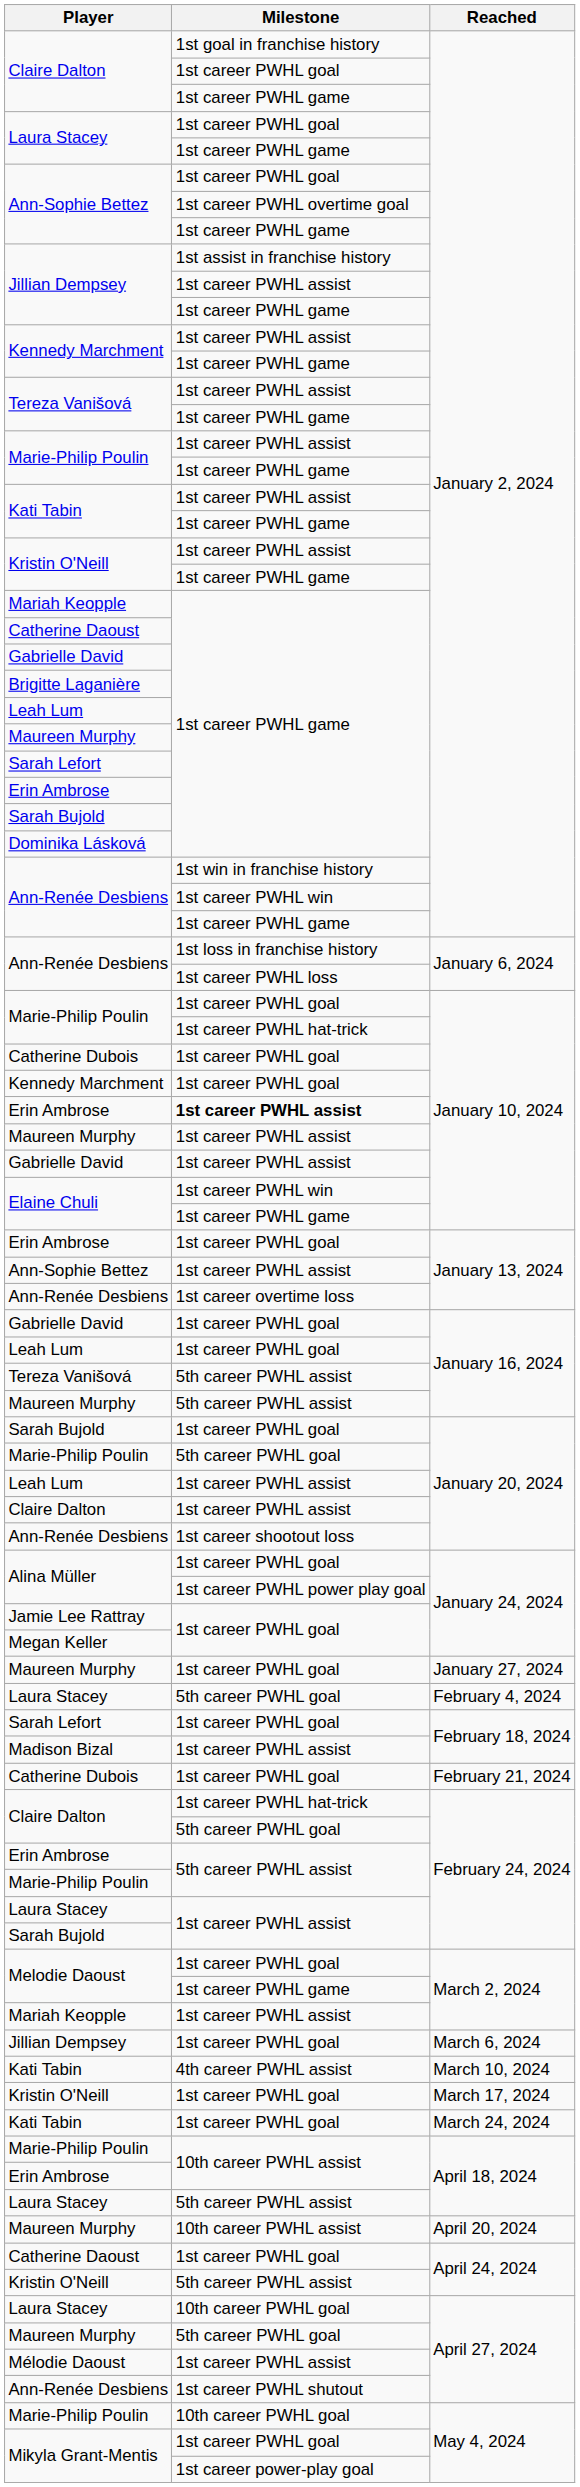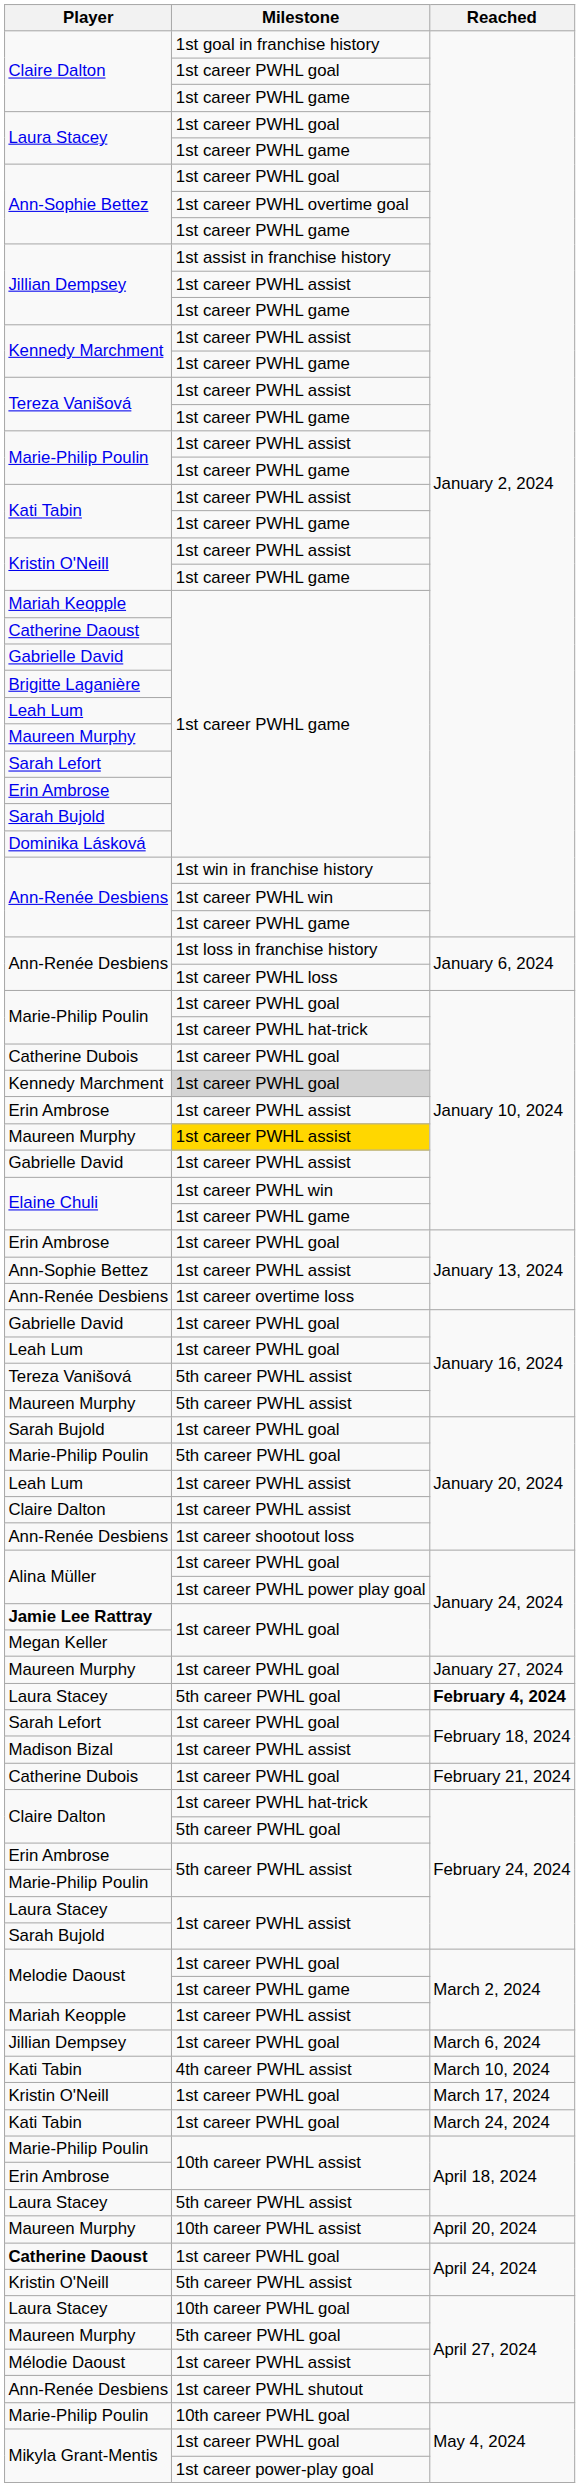 <table class="wikitable">
 <tr>
 <th>Player</th>
 <th>Milestone</th>
 <th>Reached</th>
 </tr>
 <tr>
 <td rowspan=3><a href='#'>Claire Dalton</a></td>
 <td>1st goal in franchise history</td>
 <td rowspan=34>January 2, 2024</td>
 </tr>
 <tr>
 <td>1st career PWHL goal</td>
 </tr>
 <tr>
 <td>1st career PWHL game</td>
 </tr>
 <tr>
 <td rowspan=2><a href='#'>Laura Stacey</a></td>
 <td>1st career PWHL goal</td>
 </tr>
 <tr>
 <td>1st career PWHL game</td>
 </tr>
 <tr>
 <td rowspan=3><a href='#'>Ann-Sophie Bettez</a></td>
 <td>1st career PWHL goal</td>
 </tr>
 <tr>
 <td>1st career PWHL overtime goal</td>
 </tr>
 <tr>
 <td>1st career PWHL game</td>
 </tr>
 <tr>
 <td rowspan=3><a href='#'>Jillian Dempsey</a></td>
 <td>1st assist in franchise history</td>
 </tr>
 <tr>
 <td>1st career PWHL assist</td>
 </tr>
 <tr>
 <td>1st career PWHL game</td>
 </tr>
 <tr>
 <td rowspan=2><a href='#'>Kennedy Marchment</a></td>
 <td>1st career PWHL assist</td>
 </tr>
 <tr>
 <td>1st career PWHL game</td>
 </tr>
 <tr>
 <td rowspan=2><a href='#'>Tereza Vanišová</a></td>
 <td>1st career PWHL assist</td>
 </tr>
 <tr>
 <td>1st career PWHL game</td>
 </tr>
 <tr>
 <td rowspan=2><a href='#'>Marie-Philip Poulin</a></td>
 <td>1st career PWHL assist</td>
 </tr>
 <tr>
 <td>1st career PWHL game</td>
 </tr>
 <tr>
 <td rowspan=2><a href='#'>Kati Tabin</a></td>
 <td>1st career PWHL assist</td>
 </tr>
 <tr>
 <td>1st career PWHL game</td>
 </tr>
 <tr>
 <td rowspan=2><a href='#'>Kristin O'Neill</a></td>
 <td>1st career PWHL assist</td>
 </tr>
 <tr>
 <td>1st career PWHL game</td>
 </tr>
 <tr>
 <td><a href='#'>Mariah Keopple</a></td>
 <td rowspan=10>1st career PWHL game</td>
 </tr>
 <tr>
 <td><a href='#'>Catherine Daoust</a></td>
 </tr>
 <tr>
 <td><a href='#'>Gabrielle David</a></td>
 </tr>
 <tr>
 <td><a href='#'>Brigitte Laganière</a></td>
 </tr>
 <tr>
 <td><a href='#'>Leah Lum</a></td>
 </tr>
 <tr>
 <td><a href='#'>Maureen Murphy</a></td>
 </tr>
 <tr>
 <td><a href='#'>Sarah Lefort</a></td>
 </tr>
 <tr>
 <td><a href='#'>Erin Ambrose</a></td>
 </tr>
 <tr>
 <td><a href='#'>Sarah Bujold</a></td>
 </tr>
 <tr>
 <td><a href='#'>Dominika Lásková</a></td>
 </tr>
 <tr>
 <td rowspan=3><a href='#'>Ann-Renée Desbiens</a></td>
 <td>1st win in franchise history</td>
 </tr>
 <tr>
 <td>1st career PWHL win</td>
 </tr>
 <tr>
 <td>1st career PWHL game</td>
 </tr>
 <tr>
 <td rowspan=2>Ann-Renée Desbiens</td>
 <td>1st loss in franchise history</td>
 <td rowspan=2>January 6, 2024</td>
 </tr>
 <tr>
 <td>1st career PWHL loss</td>
 </tr>
 <tr>
 <td rowspan=2>Marie-Philip Poulin</td>
 <td>1st career PWHL goal</td>
 <td rowspan=9>January 10, 2024</td>
 </tr>
 <tr>
 <td>1st career PWHL hat-trick</td>
 </tr>
 <tr>
 <td>Catherine Dubois</td>
 <td>1st career PWHL goal</td>
 </tr>
 <tr>
 <td>Kennedy Marchment</td>
-<td>1st career PWHL goal</td>
+<td style="background: lightgrey;">1st career PWHL goal</td>
 </tr>
 <tr>
 <td>Erin Ambrose</td>
-<td><strong>1st career PWHL assist</strong></td>
+<td>1st career PWHL assist</td>
 </tr>
 <tr>
 <td>Maureen Murphy</td>
-<td>1st career PWHL assist</td>
+<td style="background: gold;">1st career PWHL assist</td>
 </tr>
 <tr>
 <td>Gabrielle David</td>
 <td>1st career PWHL assist</td>
 </tr>
 <tr>
 <td rowspan=2><a href='#'>Elaine Chuli</a></td>
 <td>1st career PWHL win</td>
 </tr>
 <tr>
 <td>1st career PWHL game</td>
 </tr>
 <tr>
 <td>Erin Ambrose</td>
 <td>1st career PWHL goal</td>
 <td rowspan=3>January 13, 2024</td>
 </tr>
 <tr>
 <td>Ann-Sophie Bettez</td>
 <td>1st career PWHL assist</td>
 </tr>
 <tr>
 <td>Ann-Renée Desbiens</td>
 <td>1st career overtime loss</td>
 </tr>
 <tr>
 <td>Gabrielle David</td>
 <td>1st career PWHL goal</td>
 <td rowspan=4>January 16, 2024</td>
 </tr>
 <tr>
 <td>Leah Lum</td>
 <td>1st career PWHL goal</td>
 </tr>
 <tr>
 <td>Tereza Vanišová</td>
 <td>5th career PWHL assist</td>
 </tr>
 <tr>
 <td>Maureen Murphy</td>
 <td>5th career PWHL assist</td>
 </tr>
 <tr>
 <td>Sarah Bujold</td>
 <td>1st career PWHL goal</td>
 <td rowspan=5>January 20, 2024</td>
 </tr>
 <tr>
 <td>Marie-Philip Poulin</td>
 <td>5th career PWHL goal</td>
 </tr>
 <tr>
 <td>Leah Lum</td>
 <td>1st career PWHL assist</td>
 </tr>
 <tr>
 <td>Claire Dalton</td>
 <td>1st career PWHL assist</td>
 </tr>
 <tr>
 <td>Ann-Renée Desbiens</td>
 <td>1st career shootout loss</td>
 </tr>
 <tr>
 <td rowspan=2>Alina Müller</td>
 <td>1st career PWHL goal</td>
 <td rowspan=4>January 24, 2024</td>
 </tr>
 <tr>
 <td>1st career PWHL power play goal</td>
 </tr>
 <tr>
-<td>Jamie Lee Rattray</td>
+<td><strong>Jamie Lee Rattray</strong></td>
 <td rowspan=2>1st career PWHL goal</td>
 </tr>
 <tr>
 <td>Megan Keller</td>
 </tr>
 <tr>
 <td>Maureen Murphy</td>
 <td>1st career PWHL goal</td>
 <td>January 27, 2024</td>
 </tr>
 <tr>
 <td>Laura Stacey</td>
 <td>5th career PWHL goal</td>
-<td>February 4, 2024</td>
+<td><strong>February 4, 2024</strong></td>
 </tr>
 <tr>
 <td>Sarah Lefort</td>
 <td>1st career PWHL goal</td>
 <td rowspan=2>February 18, 2024</td>
 </tr>
 <tr>
 <td>Madison Bizal</td>
 <td>1st career PWHL assist</td>
 </tr>
 <tr>
 <td>Catherine Dubois</td>
 <td>1st career PWHL goal</td>
 <td>February 21, 2024</td>
 </tr>
 <tr>
 <td rowspan=2>Claire Dalton</td>
 <td>1st career PWHL hat-trick</td>
 <td rowspan=6>February 24, 2024</td>
 </tr>
 <tr>
 <td>5th career PWHL goal</td>
 </tr>
 <tr>
 <td>Erin Ambrose</td>
 <td rowspan=2>5th career PWHL assist</td>
 </tr>
 <tr>
 <td>Marie-Philip Poulin</td>
 </tr>
 <tr>
 <td>Laura Stacey</td>
 <td rowspan=2>1st career PWHL assist</td>
 </tr>
 <tr>
 <td>Sarah Bujold</td>
 </tr>
 <tr>
 <td rowspan=2>Melodie Daoust</td>
 <td>1st career PWHL goal</td>
 <td rowspan=3>March 2, 2024</td>
 </tr>
 <tr>
 <td>1st career PWHL game</td>
 </tr>
 <tr>
 <td>Mariah Keopple</td>
 <td>1st career PWHL assist</td>
 </tr>
 <tr>
 <td>Jillian Dempsey</td>
 <td>1st career PWHL goal</td>
 <td>March 6, 2024</td>
 </tr>
 <tr>
 <td>Kati Tabin</td>
 <td>4th career PWHL assist</td>
 <td>March 10, 2024</td>
 </tr>
 <tr>
 <td>Kristin O'Neill</td>
 <td>1st career PWHL goal</td>
 <td>March 17, 2024</td>
 </tr>
 <tr>
 <td>Kati Tabin</td>
 <td>1st career PWHL goal</td>
 <td>March 24, 2024</td>
 </tr>
 <tr>
 <td>Marie-Philip Poulin</td>
 <td rowspan=2>10th career PWHL assist</td>
 <td rowspan=3>April 18, 2024</td>
 </tr>
 <tr>
 <td>Erin Ambrose</td>
 </tr>
 <tr>
 <td>Laura Stacey</td>
 <td>5th career PWHL assist</td>
 </tr>
 <tr>
 <td>Maureen Murphy</td>
 <td>10th career PWHL assist</td>
 <td>April 20, 2024</td>
 </tr>
 <tr>
-<td>Catherine Daoust</td>
+<td><strong>Catherine Daoust</strong></td>
 <td>1st career PWHL goal</td>
 <td rowspan=2>April 24, 2024</td>
 </tr>
 <tr>
 <td>Kristin O'Neill</td>
 <td>5th career PWHL assist</td>
 </tr>
 <tr>
 <td>Laura Stacey</td>
 <td>10th career PWHL goal</td>
 <td rowspan="4">April 27, 2024</td>
 </tr>
 <tr>
 <td>Maureen Murphy</td>
 <td>5th career PWHL goal</td>
 </tr>
 <tr>
 <td>Mélodie Daoust</td>
 <td>1st career PWHL assist</td>
 </tr>
 <tr>
 <td>Ann-Renée Desbiens</td>
 <td>1st career PWHL shutout</td>
 </tr>
 <tr>
 <td>Marie-Philip Poulin</td>
 <td>10th career PWHL goal</td>
 <td rowspan=3>May 4, 2024</td>
 </tr>
 <tr>
 <td rowspan=2>Mikyla Grant-Mentis</td>
 <td>1st career PWHL goal</td>
 </tr>
 <tr>
 <td>1st career power-play goal</td>
 </tr>
 </table>
